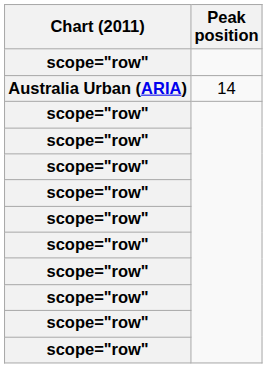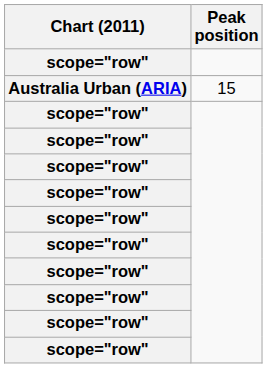 <table class="wikitable sortable plainrowheaders" style="text-align:center">
 <tr>
 <th scope="col">Chart (2011)</th>
 <th scope="col">Peak<br>position</th>
 </tr>
 <tr>
 <th>scope="row"</th>
 </tr>
 <tr>
 <th scope="row">Australia Urban (<a href='#'>ARIA</a>)</th>
-<td>14</td>
+<td>15</td>
 </tr>
 <tr>
 <th>scope="row"</th>
 </tr>
 <tr>
 <th>scope="row"</th>
 </tr>
 <tr>
 <th>scope="row"</th>
 </tr>
 <tr>
 <th>scope="row"</th>
 </tr>
 <tr>
 <th>scope="row"</th>
 </tr>
 <tr>
 <th>scope="row"</th>
 </tr>
 <tr>
 <th>scope="row"</th>
 </tr>
 <tr>
 <th>scope="row"</th>
 </tr>
 <tr>
 <th>scope="row"</th>
 </tr>
 <tr>
 <th>scope="row"</th>
 </tr>
 </table>
